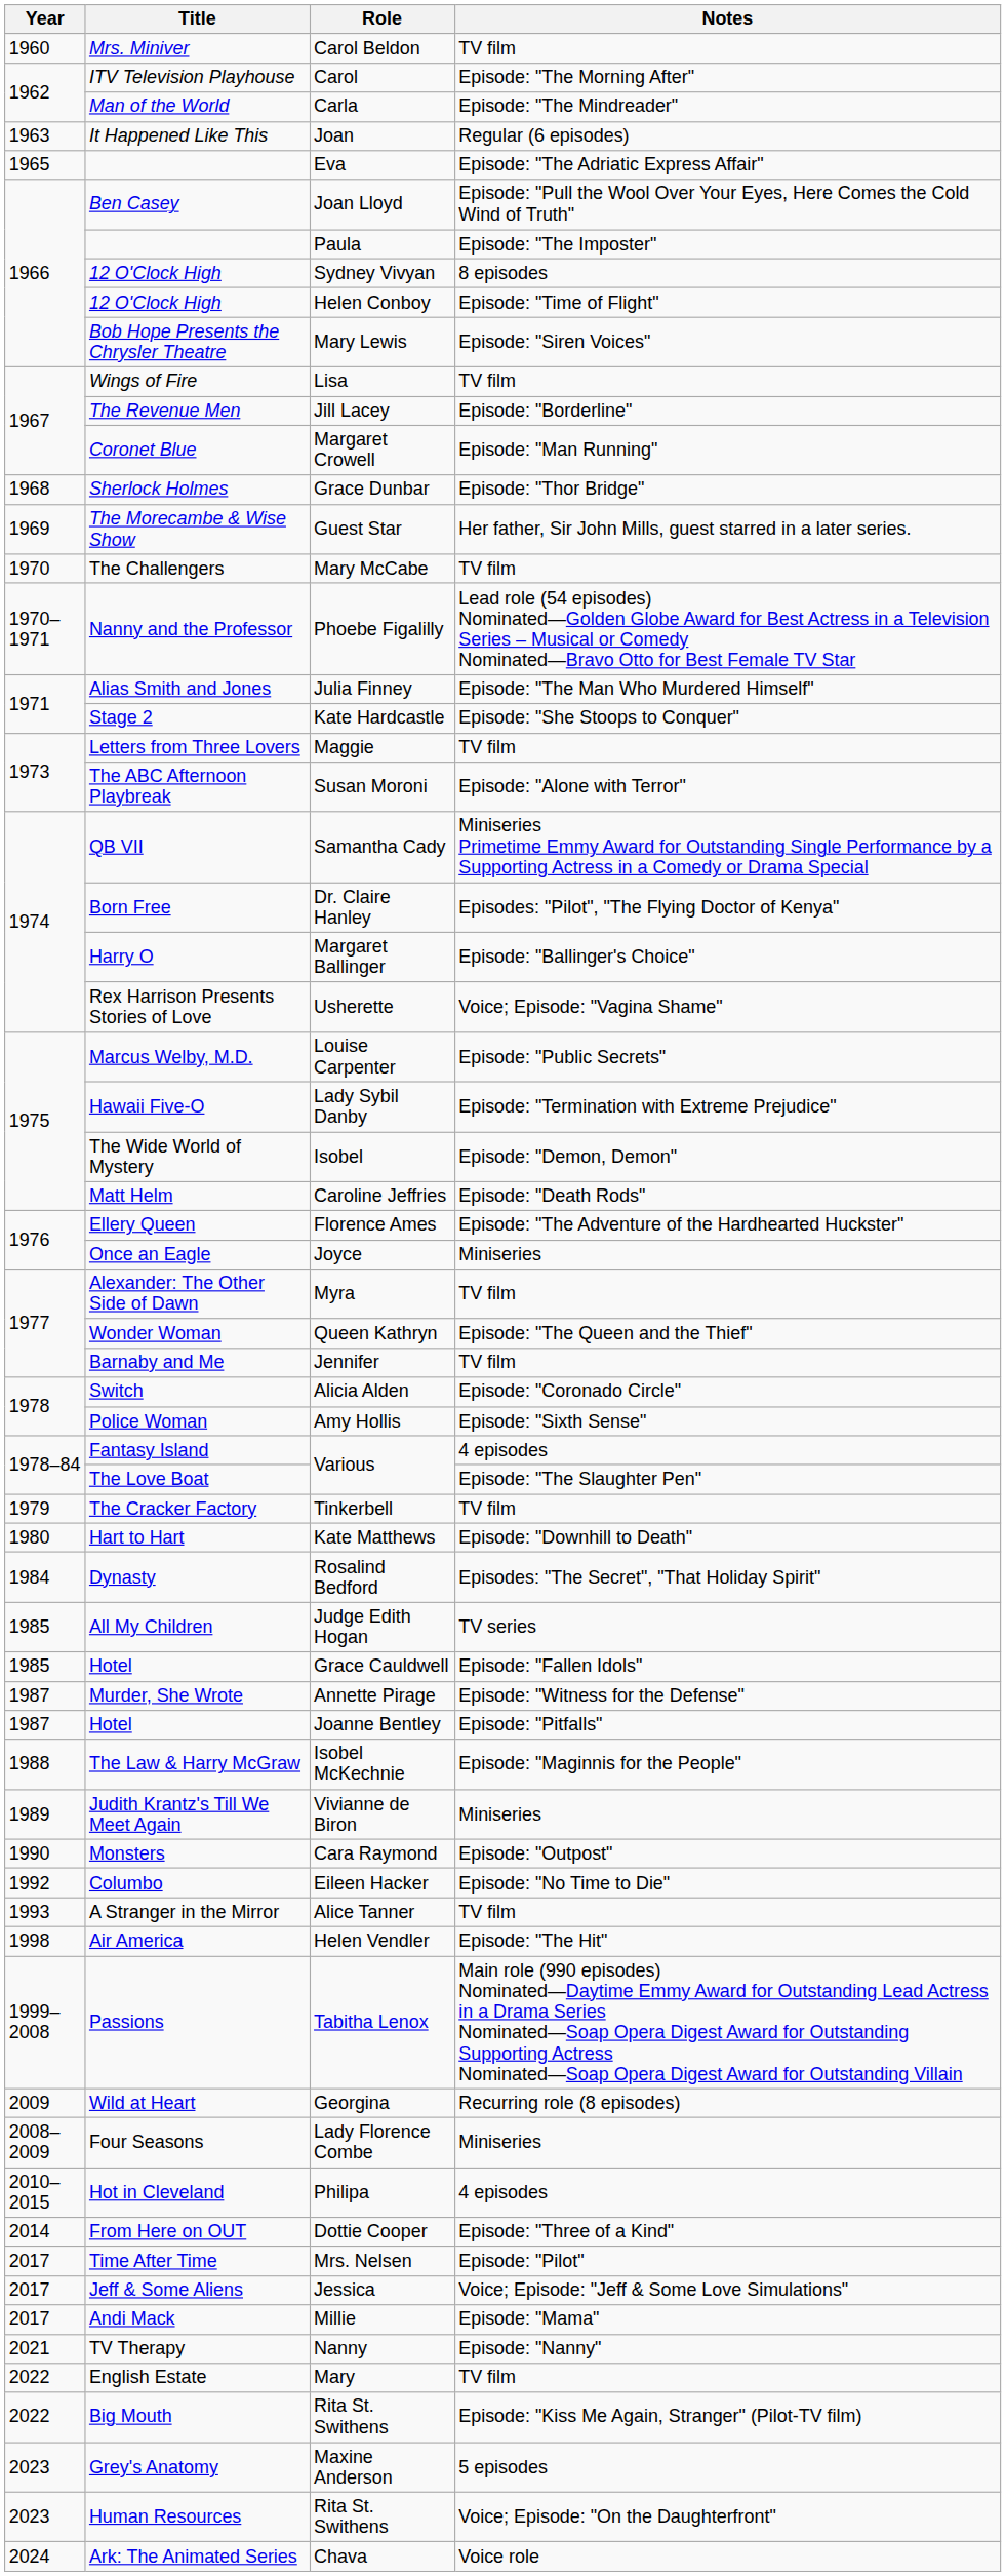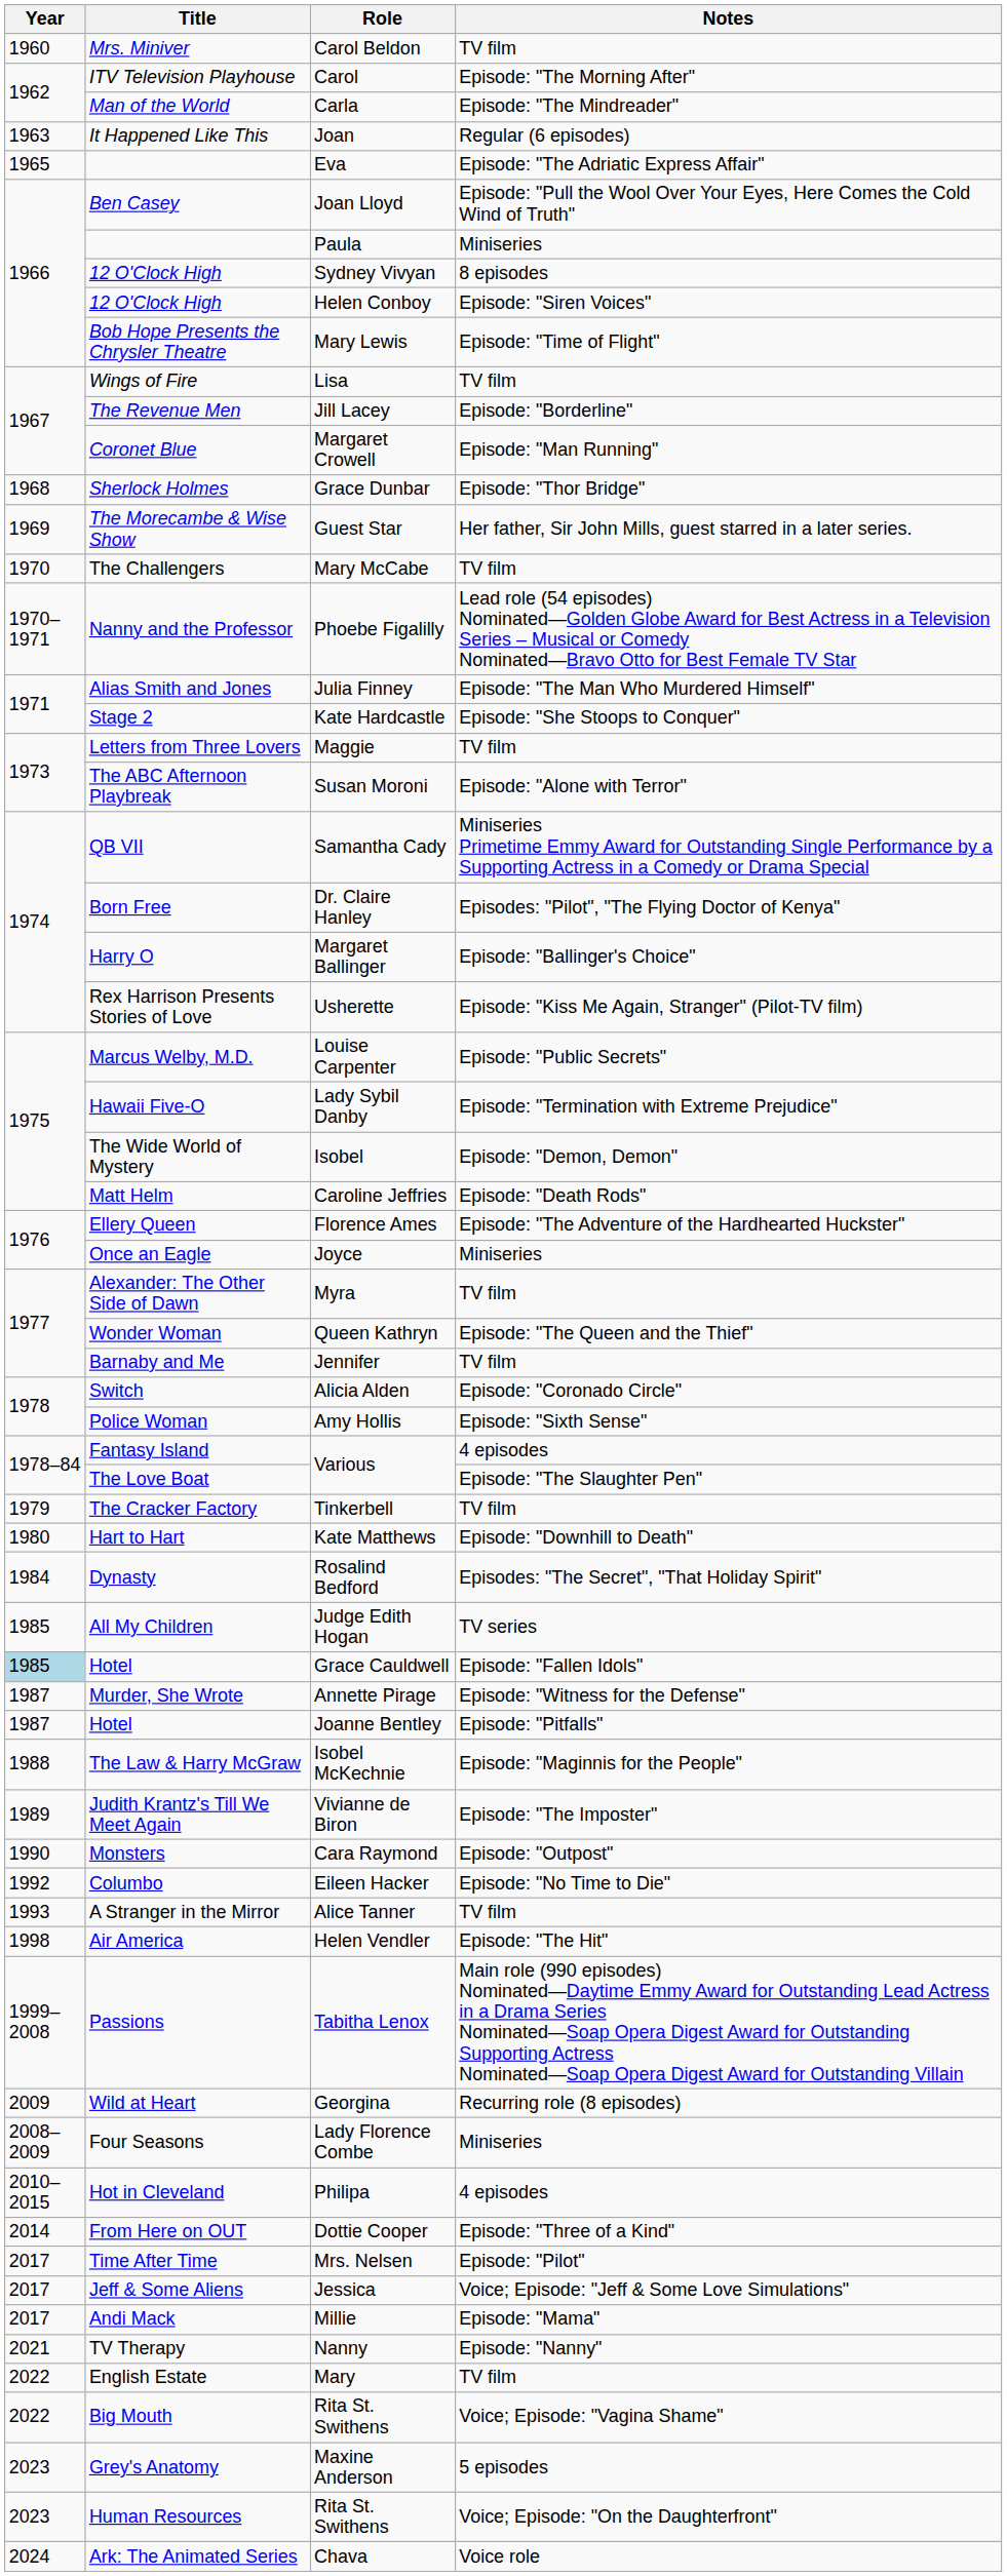 <table class="wikitable sortable">
 <tr>
 <th>Year</th>
 <th>Title</th>
 <th>Role</th>
 <th class="unsortable">Notes</th>
 </tr>
 <tr>
 <td>1960</td>
 <td><em><a href='#'>Mrs. Miniver</a></em></td>
 <td>Carol Beldon</td>
 <td>TV film</td>
 </tr>
 <tr>
 <td rowspan="2">1962</td>
 <td><em>ITV Television Playhouse</em></td>
 <td>Carol</td>
 <td>Episode: "The Morning After"</td>
 </tr>
 <tr>
 <td><em><a href='#'>Man of the World</a></em></td>
 <td>Carla</td>
 <td>Episode: "The Mindreader"</td>
 </tr>
 <tr>
 <td>1963</td>
 <td><em>It Happened Like This</em></td>
 <td>Joan</td>
 <td>Regular (6 episodes)</td>
 </tr>
 <tr>
 <td>1965</td>
 <td><em></em></td>
 <td>Eva</td>
 <td>Episode: "The Adriatic Express Affair"</td>
 </tr>
 <tr>
 <td rowspan="5">1966</td>
 <td><em><a href='#'>Ben Casey</a></em></td>
 <td>Joan Lloyd</td>
 <td>Episode: "Pull the Wool Over Your Eyes, Here Comes the Cold Wind of Truth"</td>
 </tr>
 <tr>
 <td><em></em></td>
 <td>Paula</td>
-<td>Episode: "The Imposter"</td>
+<td>Miniseries</td>
 </tr>
 <tr>
 <td><em><a href='#'>12 O'Clock High</a></em></td>
 <td>Sydney Vivyan</td>
 <td>8 episodes</td>
 </tr>
 <tr>
 <td><em><a href='#'>12 O'Clock High</a></em></td>
 <td>Helen Conboy</td>
-<td>Episode: "Time of Flight"</td>
+<td>Episode: "Siren Voices"</td>
 </tr>
 <tr>
 <td><em><a href='#'>Bob Hope Presents the Chrysler Theatre</a></em></td>
 <td>Mary Lewis</td>
-<td>Episode: "Siren Voices"</td>
+<td>Episode: "Time of Flight"</td>
 </tr>
 <tr>
 <td rowspan="3">1967</td>
 <td><em>Wings of Fire</em></td>
 <td>Lisa</td>
 <td>TV film</td>
 </tr>
 <tr>
 <td><em><a href='#'>The Revenue Men</a></em></td>
 <td>Jill Lacey</td>
 <td>Episode: "Borderline"</td>
 </tr>
 <tr>
 <td><em><a href='#'>Coronet Blue</a></em></td>
 <td>Margaret Crowell</td>
 <td>Episode: "Man Running"</td>
 </tr>
 <tr>
 <td>1968</td>
 <td><em><a href='#'>Sherlock Holmes</a></em></td>
 <td>Grace Dunbar</td>
 <td>Episode: "Thor Bridge"</td>
 </tr>
 <tr>
 <td>1969</td>
 <td><em><a href='#'>The Morecambe & Wise Show</a></td>
 <td>Guest Star</td>
 <td>Her father, Sir John Mills, guest starred in a later series.</td>
 </tr>
 <tr>
 <td>1970</td>
 <td></em>The Challengers<em></td>
 <td>Mary McCabe</td>
 <td>TV film</td>
 </tr>
 <tr>
 <td>1970–1971</td>
 <td></em><a href='#'>Nanny and the Professor</a><em></td>
 <td>Phoebe Figalilly</td>
 <td>Lead role (54 episodes) <br> Nominated—<a href='#'>Golden Globe Award for Best Actress in a Television Series – Musical or Comedy</a> <br> Nominated—<a href='#'>Bravo Otto for Best Female TV Star</a></td>
 </tr>
 <tr>
 <td rowspan="2">1971</td>
 <td></em><a href='#'>Alias Smith and Jones</a><em></td>
 <td>Julia Finney</td>
 <td>Episode: "The Man Who Murdered Himself"</td>
 </tr>
 <tr>
 <td></em><a href='#'>Stage 2</a><em></td>
 <td>Kate Hardcastle</td>
 <td>Episode: "She Stoops to Conquer"</td>
 </tr>
 <tr>
 <td rowspan="2">1973</td>
 <td></em><a href='#'>Letters from Three Lovers</a><em></td>
 <td>Maggie</td>
 <td>TV film</td>
 </tr>
 <tr>
 <td></em><a href='#'>The ABC Afternoon Playbreak</a><em></td>
 <td>Susan Moroni</td>
 <td>Episode: "Alone with Terror"</td>
 </tr>
 <tr>
 <td rowspan="4">1974</td>
 <td></em><a href='#'>QB VII</a><em></td>
 <td>Samantha Cady</td>
 <td>Miniseries <br> <a href='#'>Primetime Emmy Award for Outstanding Single Performance by a Supporting Actress in a Comedy or Drama Special</a></td>
 </tr>
 <tr>
 <td></em><a href='#'>Born Free</a><em></td>
 <td>Dr. Claire Hanley</td>
 <td>Episodes: "Pilot", "The Flying Doctor of Kenya"</td>
 </tr>
 <tr>
 <td></em><a href='#'>Harry O</a><em></td>
 <td>Margaret Ballinger</td>
 <td>Episode: "Ballinger's Choice"</td>
 </tr>
 <tr>
 <td></em>Rex Harrison Presents Stories of Love<em></td>
 <td>Usherette</td>
-<td>Voice; Episode: "Vagina Shame"</td>
+<td>Episode: "Kiss Me Again, Stranger" (Pilot-TV film)</td>
 </tr>
 <tr>
 <td rowspan="4">1975</td>
 <td></em><a href='#'>Marcus Welby, M.D.</a><em></td>
 <td>Louise Carpenter</td>
 <td>Episode: "Public Secrets"</td>
 </tr>
 <tr>
 <td></em><a href='#'>Hawaii Five-O</a><em></td>
 <td>Lady Sybil Danby</td>
 <td>Episode: "Termination with Extreme Prejudice"</td>
 </tr>
 <tr>
 <td></em>The Wide World of Mystery<em></td>
 <td>Isobel</td>
 <td>Episode: "Demon, Demon"</td>
 </tr>
 <tr>
 <td></em><a href='#'>Matt Helm</a><em></td>
 <td>Caroline Jeffries</td>
 <td>Episode: "Death Rods"</td>
 </tr>
 <tr>
 <td rowspan="2">1976</td>
 <td></em><a href='#'>Ellery Queen</a><em></td>
 <td>Florence Ames</td>
 <td>Episode: "The Adventure of the Hardhearted Huckster"</td>
 </tr>
 <tr>
 <td></em><a href='#'>Once an Eagle</a><em></td>
 <td>Joyce</td>
 <td>Miniseries</td>
 </tr>
 <tr>
 <td rowspan="3">1977</td>
 <td></em><a href='#'>Alexander: The Other Side of Dawn</a><em></td>
 <td>Myra</td>
 <td>TV film</td>
 </tr>
 <tr>
 <td></em><a href='#'>Wonder Woman</a><em></td>
 <td>Queen Kathryn</td>
 <td>Episode: "The Queen and the Thief"</td>
 </tr>
 <tr>
 <td></em><a href='#'>Barnaby and Me</a><em></td>
 <td>Jennifer</td>
 <td>TV film</td>
 </tr>
 <tr>
 <td rowspan="2">1978</td>
 <td></em><a href='#'>Switch</a><em></td>
 <td>Alicia Alden</td>
 <td>Episode: "Coronado Circle"</td>
 </tr>
 <tr>
 <td></em><a href='#'>Police Woman</a><em></td>
 <td>Amy Hollis</td>
 <td>Episode: "Sixth Sense"</td>
 </tr>
 <tr>
 <td rowspan="2">1978–84</td>
 <td></em><a href='#'>Fantasy Island</a><em></td>
 <td rowspan="2">Various</td>
 <td>4 episodes</td>
 </tr>
 <tr>
 <td></em><a href='#'>The Love Boat</a><em></td>
 <td>Episode: "The Slaughter Pen"</td>
 </tr>
 <tr>
 <td>1979</td>
 <td></em><a href='#'>The Cracker Factory</a><em></td>
 <td>Tinkerbell</td>
 <td>TV film</td>
 </tr>
 <tr>
 <td>1980</td>
 <td></em><a href='#'>Hart to Hart</a><em></td>
 <td>Kate Matthews</td>
 <td>Episode: "Downhill to Death"</td>
 </tr>
 <tr>
 <td>1984</td>
 <td></em><a href='#'>Dynasty</a><em></td>
 <td>Rosalind Bedford</td>
 <td>Episodes: "The Secret", "That Holiday Spirit"</td>
 </tr>
 <tr>
 <td>1985</td>
 <td></em><a href='#'>All My Children</a><em></td>
 <td>Judge Edith Hogan</td>
 <td>TV series</td>
 </tr>
 <tr>
-<td>1985</td>
+<td style="background: lightblue;">1985</td>
 <td></em><a href='#'>Hotel</a><em></td>
 <td>Grace Cauldwell</td>
 <td>Episode: "Fallen Idols"</td>
 </tr>
 <tr>
 <td>1987</td>
 <td></em><a href='#'>Murder, She Wrote</a><em></td>
 <td>Annette Pirage</td>
 <td>Episode: "Witness for the Defense"</td>
 </tr>
 <tr>
 <td>1987</td>
 <td></em><a href='#'>Hotel</a><em></td>
 <td>Joanne Bentley</td>
 <td>Episode: "Pitfalls"</td>
 </tr>
 <tr>
 <td>1988</td>
 <td></em><a href='#'>The Law & Harry McGraw</a><em></td>
 <td>Isobel McKechnie</td>
 <td>Episode: "Maginnis for the People"</td>
 </tr>
 <tr>
 <td>1989</td>
 <td></em><a href='#'>Judith Krantz's Till We Meet Again</a><em></td>
 <td>Vivianne de Biron</td>
-<td>Miniseries</td>
+<td>Episode: "The Imposter"</td>
 </tr>
 <tr>
 <td>1990</td>
 <td></em><a href='#'>Monsters</a><em></td>
 <td>Cara Raymond</td>
 <td>Episode: "Outpost"</td>
 </tr>
 <tr>
 <td>1992</td>
 <td></em><a href='#'>Columbo</a><em></td>
 <td>Eileen Hacker</td>
 <td>Episode: "No Time to Die"</td>
 </tr>
 <tr>
 <td>1993</td>
 <td></em>A Stranger in the Mirror<em></td>
 <td>Alice Tanner</td>
 <td>TV film</td>
 </tr>
 <tr>
 <td>1998</td>
 <td></em><a href='#'>Air America</a><em></td>
 <td>Helen Vendler</td>
 <td>Episode: "The Hit"</td>
 </tr>
 <tr>
 <td>1999–2008</td>
 <td></em><a href='#'>Passions</a><em></td>
 <td><a href='#'>Tabitha Lenox</a></td>
 <td>Main role (990 episodes) <br> Nominated—<a href='#'>Daytime Emmy Award for Outstanding Lead Actress in a Drama Series</a>  <br> Nominated—<a href='#'>Soap Opera Digest Award for Outstanding Supporting Actress</a> <br> Nominated—<a href='#'>Soap Opera Digest Award for Outstanding Villain</a></td>
 </tr>
 <tr>
 <td>2009</td>
 <td></em><a href='#'>Wild at Heart</a><em></td>
 <td>Georgina</td>
 <td>Recurring role (8 episodes)</td>
 </tr>
 <tr>
 <td>2008–2009</td>
 <td></em>Four Seasons<em></td>
 <td>Lady Florence Combe</td>
 <td>Miniseries</td>
 </tr>
 <tr>
 <td>2010–2015</td>
 <td></em><a href='#'>Hot in Cleveland</a><em></td>
 <td>Philipa</td>
 <td>4 episodes</td>
 </tr>
 <tr>
 <td>2014</td>
 <td></em><a href='#'>From Here on OUT</a><em></td>
 <td>Dottie Cooper</td>
 <td>Episode: "Three of a Kind"</td>
 </tr>
 <tr>
 <td>2017</td>
 <td></em><a href='#'>Time After Time</a><em></td>
 <td>Mrs. Nelsen</td>
 <td>Episode: "Pilot"</td>
 </tr>
 <tr>
 <td>2017</td>
 <td></em><a href='#'>Jeff & Some Aliens</a><em></td>
 <td>Jessica</td>
 <td>Voice; Episode: "Jeff & Some Love Simulations"</td>
 </tr>
 <tr>
 <td>2017</td>
 <td></em><a href='#'>Andi Mack</a><em></td>
 <td>Millie</td>
 <td>Episode: "Mama"</td>
 </tr>
 <tr>
 <td>2021</td>
 <td></em>TV Therapy<em></td>
 <td>Nanny</td>
 <td>Episode: "Nanny"</td>
 </tr>
 <tr>
 <td>2022</td>
 <td></em>English Estate<em></td>
 <td>Mary</td>
 <td>TV film</td>
 </tr>
 <tr>
 <td>2022</td>
 <td></em><a href='#'>Big Mouth</a><em></td>
 <td>Rita St. Swithens</td>
-<td>Episode: "Kiss Me Again, Stranger" (Pilot-TV film)</td>
+<td>Voice; Episode: "Vagina Shame"</td>
 </tr>
 <tr>
 <td>2023</td>
 <td></em><a href='#'>Grey's Anatomy</a><em></td>
 <td>Maxine Anderson</td>
 <td>5 episodes</td>
 </tr>
 <tr>
 <td>2023</td>
 <td></em><a href='#'>Human Resources</a><em></td>
 <td>Rita St. Swithens</td>
 <td>Voice; Episode: "On the Daughterfront"</td>
 </tr>
 <tr>
 <td>2024</td>
 <td></em><a href='#'>Ark: The Animated Series</a><em></td>
 <td>Chava</td>
 <td>Voice role</td>
 </tr>
 </table>
